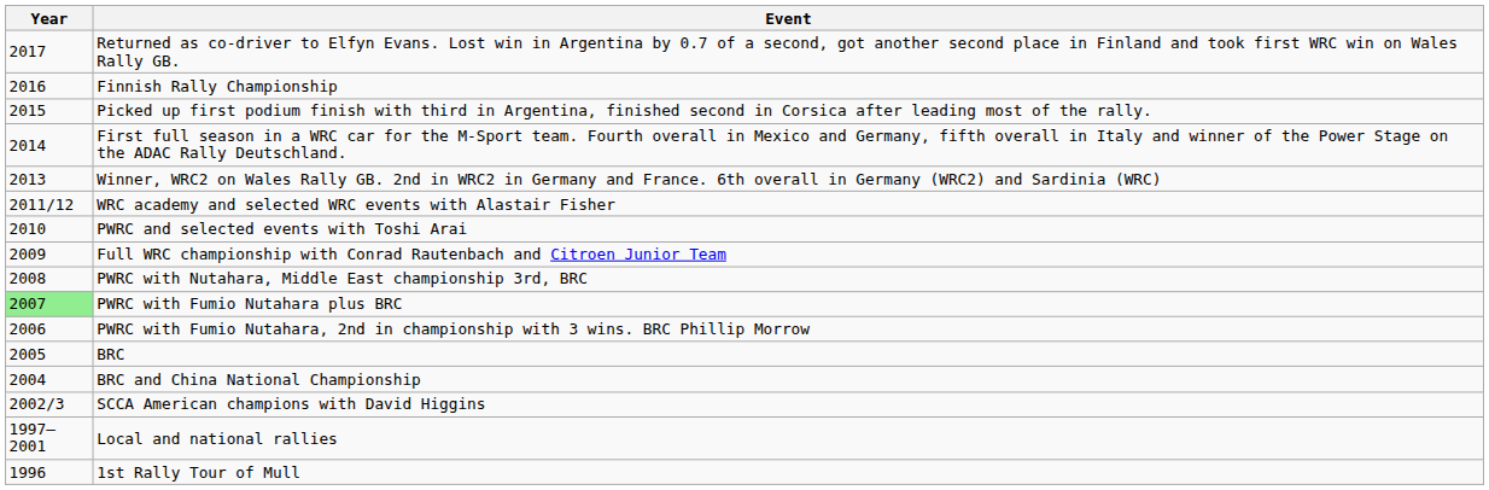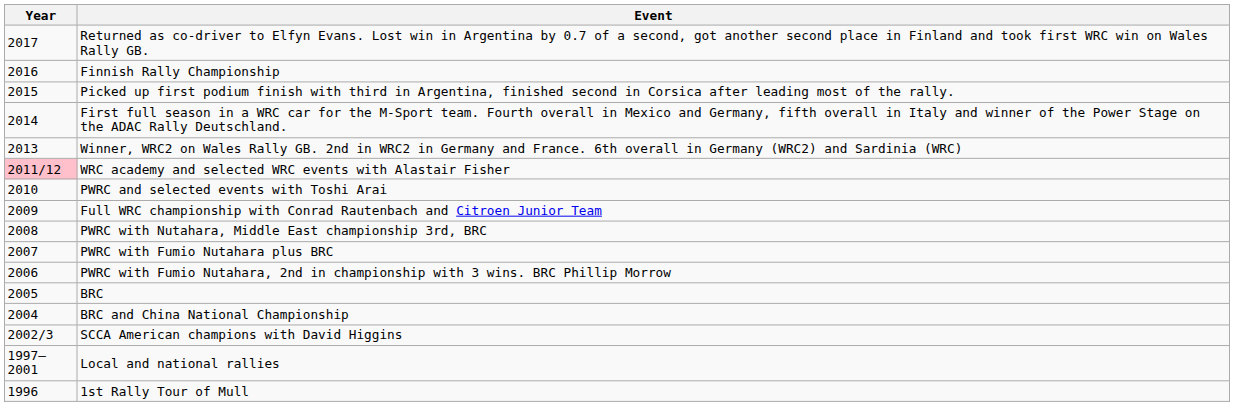 <table class="wikitable">
 <tr>
 <th><strong>Year</strong></th>
 <th><strong>Event</strong></th>
 </tr>
 <tr>
 <td>2017</td>
 <td>Returned as co-driver to Elfyn Evans. Lost win in Argentina by 0.7 of a second, got another second place in Finland and took first WRC win on Wales Rally GB.</td>
 </tr>
 <tr>
 <td>2016</td>
 <td>Finnish Rally Championship</td>
 </tr>
 <tr>
 <td>2015</td>
 <td>Picked up first podium finish with third in Argentina, finished second in Corsica after leading most of the rally.</td>
 </tr>
 <tr>
 <td>2014</td>
 <td>First full season in a WRC car for the M-Sport team. Fourth overall in Mexico and Germany, fifth overall in Italy and winner of the Power Stage on the ADAC Rally Deutschland.</td>
 </tr>
 <tr>
 <td>2013</td>
 <td>Winner, WRC2 on Wales Rally GB. 2nd in WRC2 in Germany and France. 6th overall in Germany (WRC2) and Sardinia (WRC)</td>
 </tr>
 <tr>
-<td>2011/12</td>
+<td style="background: pink;">2011/12</td>
 <td>WRC academy and selected WRC events with Alastair Fisher</td>
 </tr>
 <tr>
 <td>2010</td>
 <td>PWRC and selected events with Toshi Arai</td>
 </tr>
 <tr>
 <td>2009</td>
 <td>Full WRC championship with Conrad Rautenbach and <a href='#'>Citroen Junior Team</a></td>
 </tr>
 <tr>
 <td>2008</td>
 <td>PWRC with Nutahara, Middle East championship 3rd, BRC</td>
 </tr>
 <tr>
-<td style="background: lightgreen;">2007</td>
+<td>2007</td>
 <td>PWRC with Fumio Nutahara plus BRC</td>
 </tr>
 <tr>
 <td>2006</td>
 <td>PWRC with Fumio Nutahara, 2nd in championship with 3 wins. BRC Phillip Morrow</td>
 </tr>
 <tr>
 <td>2005</td>
 <td>BRC</td>
 </tr>
 <tr>
 <td>2004</td>
 <td>BRC and China National Championship</td>
 </tr>
 <tr>
 <td>2002/3</td>
 <td>SCCA American champions with David Higgins</td>
 </tr>
 <tr>
 <td>1997–2001</td>
 <td>Local and national rallies</td>
 </tr>
 <tr>
 <td>1996</td>
 <td>1st Rally Tour of Mull</td>
 </tr>
 </table>
